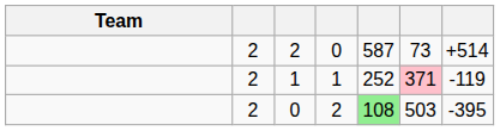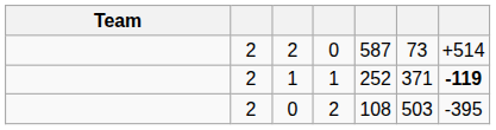 <table class="wikitable" style="text-align: center; font-size: 90%;">
 <tr>
 <th width=165>Team</th>
 <th width=25></th>
 <th width=25></th>
 <th width=25></th>
 <th width=25></th>
 <th width=25></th>
 <th width=25></th>
 </tr>
 <tr>
 <td style="text-align:left;"></td>
 <td>2</td>
 <td>2</td>
 <td>0</td>
 <td>587</td>
 <td>73</td>
 <td>+514</td>
 </tr>
 <tr>
 <td style="text-align:left;"></td>
 <td>2</td>
 <td>1</td>
 <td>1</td>
 <td>252</td>
-<td style="background: pink;">371</td>
-<td>-119</td>
+<td>371</td>
+<td><strong>-119</strong></td>
 </tr>
 <tr>
 <td style="text-align:left;"></td>
 <td>2</td>
 <td>0</td>
 <td>2</td>
-<td style="background: lightgreen;">108</td>
+<td>108</td>
 <td>503</td>
 <td>-395</td>
 </tr>
 </table>
